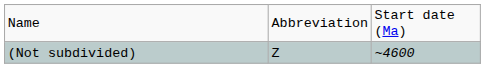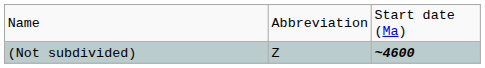 <table class="wikitable">
 <tr>
 <td width="250pt">Name</td>
 <td width="50pt">Abbreviation</td>
 <td width="100pt">Start date (<a href='#'>Ma</a>)</td>
 </tr>
 <tr style="background:#bbcccc;">
 <td>(Not subdivided)</td>
 <td>Z</td>
-<td><em>~4600</td>
+<td><strong><em>~4600</strong></td>
 </tr>
 </table>
